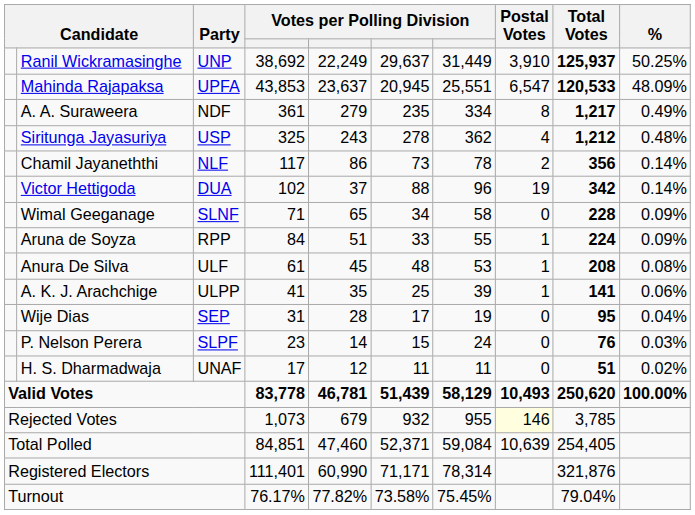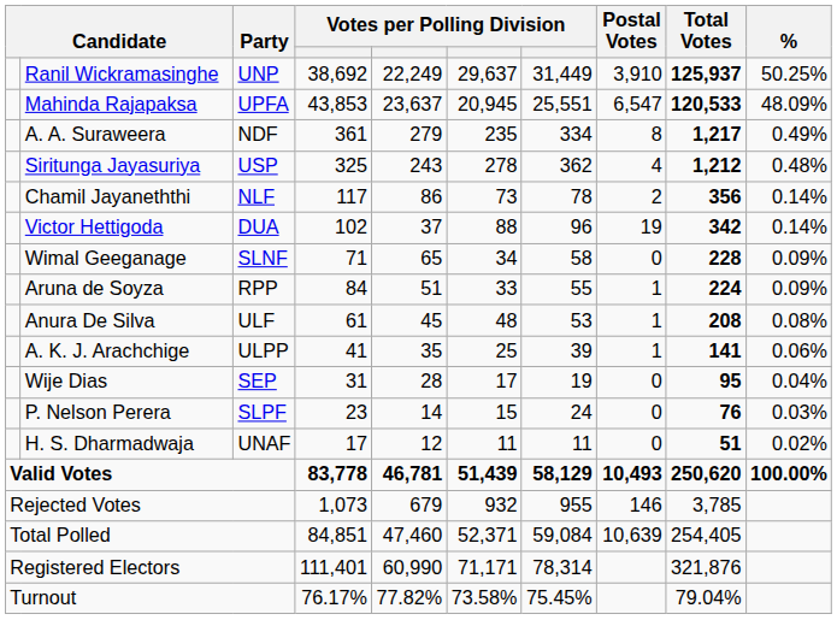 <table class="wikitable" border="1" style="text-align:right;">
 <tr>
 <th align=left valign=bottom rowspan=2 colspan=2 width="180">Candidate</th>
 <th align=left valign=bottom rowspan=2 width="40">Party</th>
 <th colspan=4>Votes per Polling Division</th>
 <th align=center valign=bottom rowspan=2 width="50">Postal<br>Votes</th>
 <th align=center valign=bottom rowspan=2 width="50">Total Votes</th>
 <th align=center valign=bottom rowspan=2 width="50">%</th>
 </tr>
 <tr>
 <th></th>
 <th></th>
 <th></th>
 <th></th>
 </tr>
 <tr>
 <td bgcolor=> </td>
 <td align=left><a href='#'>Ranil Wickramasinghe</a></td>
 <td align=left><a href='#'>UNP</a></td>
 <td>38,692</td>
 <td>22,249</td>
 <td>29,637</td>
 <td>31,449</td>
 <td>3,910</td>
 <td><strong>125,937</strong></td>
 <td>50.25%</td>
 </tr>
 <tr>
 <td bgcolor=> </td>
 <td align=left><a href='#'>Mahinda Rajapaksa</a></td>
 <td align=left><a href='#'>UPFA</a></td>
 <td>43,853</td>
 <td>23,637</td>
 <td>20,945</td>
 <td>25,551</td>
 <td>6,547</td>
 <td><strong>120,533</strong></td>
 <td>48.09%</td>
 </tr>
 <tr>
 <td bgcolor=> </td>
 <td align=left>A. A. Suraweera</td>
 <td align=left>NDF</td>
 <td>361</td>
 <td>279</td>
 <td>235</td>
 <td>334</td>
 <td>8</td>
 <td><strong>1,217</strong></td>
 <td>0.49%</td>
 </tr>
 <tr>
 <td bgcolor=> </td>
 <td align=left><a href='#'>Siritunga Jayasuriya</a></td>
 <td align=left><a href='#'>USP</a></td>
 <td>325</td>
 <td>243</td>
 <td>278</td>
 <td>362</td>
 <td>4</td>
 <td><strong>1,212</strong></td>
 <td>0.48%</td>
 </tr>
 <tr>
 <td bgcolor=> </td>
 <td align=left>Chamil Jayaneththi</td>
 <td align=left><a href='#'>NLF</a></td>
 <td>117</td>
 <td>86</td>
 <td>73</td>
 <td>78</td>
 <td>2</td>
 <td><strong>356</strong></td>
 <td>0.14%</td>
 </tr>
 <tr>
 <td bgcolor=> </td>
 <td align=left><a href='#'>Victor Hettigoda</a></td>
 <td align=left><a href='#'>DUA</a></td>
 <td>102</td>
 <td>37</td>
 <td>88</td>
 <td>96</td>
 <td>19</td>
 <td><strong>342</strong></td>
 <td>0.14%</td>
 </tr>
 <tr>
 <td bgcolor=> </td>
 <td align=left>Wimal Geeganage</td>
 <td align=left><a href='#'>SLNF</a></td>
 <td>71</td>
 <td>65</td>
 <td>34</td>
 <td>58</td>
 <td>0</td>
 <td><strong>228</strong></td>
 <td>0.09%</td>
 </tr>
 <tr>
 <td bgcolor=> </td>
 <td align=left>Aruna de Soyza</td>
 <td align=left>RPP</td>
 <td>84</td>
 <td>51</td>
 <td>33</td>
 <td>55</td>
 <td>1</td>
 <td><strong>224</strong></td>
 <td>0.09%</td>
 </tr>
 <tr>
 <td bgcolor=> </td>
 <td align=left>Anura De Silva</td>
 <td align=left>ULF</td>
 <td>61</td>
 <td>45</td>
 <td>48</td>
 <td>53</td>
 <td>1</td>
 <td><strong>208</strong></td>
 <td>0.08%</td>
 </tr>
 <tr>
 <td bgcolor=> </td>
 <td align=left>A. K. J. Arachchige</td>
 <td align=left>ULPP</td>
 <td>41</td>
 <td>35</td>
 <td>25</td>
 <td>39</td>
 <td>1</td>
 <td><strong>141</strong></td>
 <td>0.06%</td>
 </tr>
 <tr>
 <td bgcolor=> </td>
 <td align=left>Wije Dias</td>
 <td align=left><a href='#'>SEP</a></td>
 <td>31</td>
 <td>28</td>
 <td>17</td>
 <td>19</td>
 <td>0</td>
 <td><strong>95</strong></td>
 <td>0.04%</td>
 </tr>
 <tr>
 <td bgcolor=> </td>
 <td align=left>P. Nelson Perera</td>
 <td align=left><a href='#'>SLPF</a></td>
 <td>23</td>
 <td>14</td>
 <td>15</td>
 <td>24</td>
 <td>0</td>
 <td><strong>76</strong></td>
 <td>0.03%</td>
 </tr>
 <tr>
 <td bgcolor=> </td>
 <td align=left>H. S. Dharmadwaja</td>
 <td align=left>UNAF</td>
 <td>17</td>
 <td>12</td>
 <td>11</td>
 <td>11</td>
 <td>0</td>
 <td><strong>51</strong></td>
 <td>0.02%</td>
 </tr>
 <tr>
 <td align=left colspan=3><strong>Valid Votes</strong></td>
 <td><strong>83,778</strong></td>
 <td><strong>46,781</strong></td>
 <td><strong>51,439</strong></td>
 <td><strong>58,129</strong></td>
 <td><strong>10,493</strong></td>
 <td><strong>250,620</strong></td>
 <td><strong>100.00%</strong></td>
 </tr>
 <tr>
 <td align=left colspan=3>Rejected Votes</td>
 <td>1,073</td>
 <td>679</td>
 <td>932</td>
 <td>955</td>
-<td style="background: lightyellow;">146</td>
+<td>146</td>
 <td>3,785</td>
 <td></td>
 </tr>
 <tr>
 <td align=left colspan=3>Total Polled</td>
 <td>84,851</td>
 <td>47,460</td>
 <td>52,371</td>
 <td>59,084</td>
 <td>10,639</td>
 <td>254,405</td>
 <td></td>
 </tr>
 <tr>
 <td align=left colspan=3>Registered Electors</td>
 <td>111,401</td>
 <td>60,990</td>
 <td>71,171</td>
 <td>78,314</td>
 <td></td>
 <td>321,876</td>
 <td></td>
 </tr>
 <tr>
 <td align=left colspan=3>Turnout</td>
 <td>76.17%</td>
 <td>77.82%</td>
 <td>73.58%</td>
 <td>75.45%</td>
 <td></td>
 <td>79.04%</td>
 <td></td>
 </tr>
 </table>
